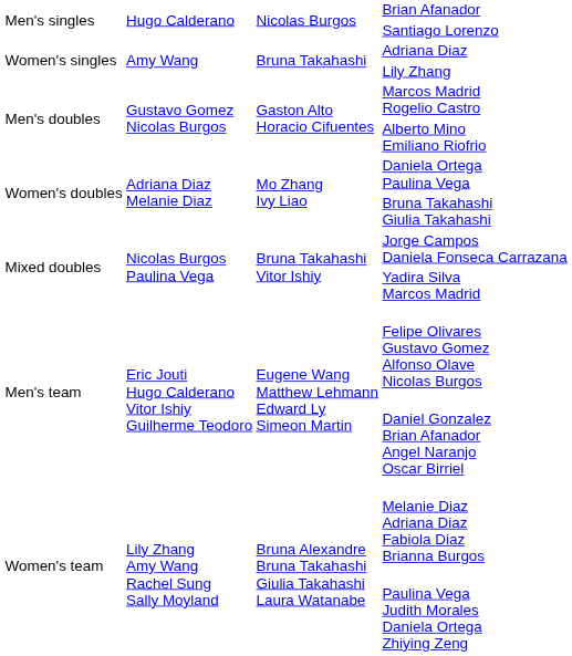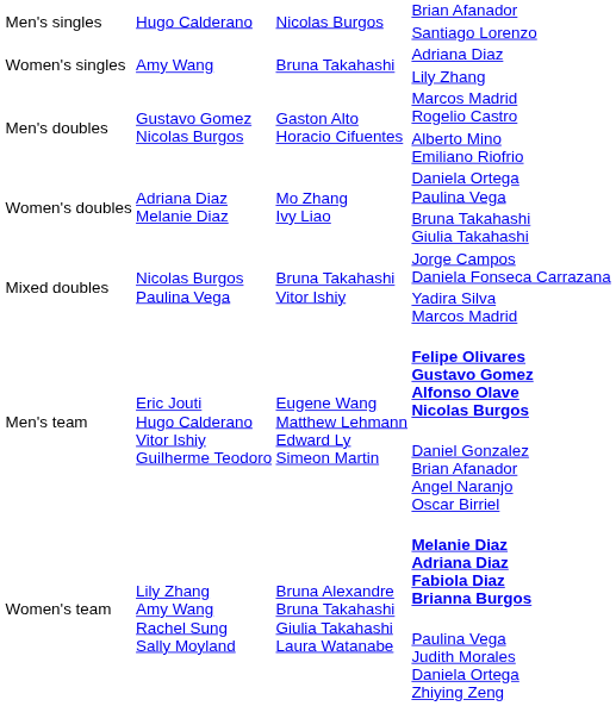 <table>
 <tr>
 <td rowspan=2>Men's singles</td>
 <td rowspan=2> <a href='#'>Hugo Calderano</a></td>
 <td rowspan=2> <a href='#'>Nicolas Burgos</a></td>
 <td> <a href='#'>Brian Afanador</a></td>
 </tr>
 <tr>
 <td> <a href='#'>Santiago Lorenzo</a></td>
 </tr>
 <tr>
 <td rowspan=2>Women's singles</td>
 <td rowspan=2> <a href='#'>Amy Wang</a></td>
 <td rowspan=2> <a href='#'>Bruna Takahashi</a></td>
 <td> <a href='#'>Adriana Diaz</a></td>
 </tr>
 <tr>
 <td> <a href='#'>Lily Zhang</a></td>
 </tr>
 <tr>
 <td rowspan=2>Men's doubles</td>
 <td rowspan=2> <a href='#'>Gustavo Gomez</a><br> <a href='#'>Nicolas Burgos</a></td>
 <td rowspan=2> <a href='#'>Gaston Alto</a><br> <a href='#'>Horacio Cifuentes</a></td>
 <td> <a href='#'>Marcos Madrid</a><br> <a href='#'>Rogelio Castro</a></td>
 </tr>
 <tr>
 <td> <a href='#'>Alberto Mino</a><br> <a href='#'>Emiliano Riofrio</a></td>
 </tr>
 <tr>
 <td rowspan=2>Women's doubles</td>
 <td rowspan=2> <a href='#'>Adriana Diaz</a><br> <a href='#'>Melanie Diaz</a></td>
 <td rowspan=2> <a href='#'>Mo Zhang</a><br> <a href='#'>Ivy Liao</a></td>
 <td> <a href='#'>Daniela Ortega</a><br> <a href='#'>Paulina Vega</a></td>
 </tr>
 <tr>
 <td> <a href='#'>Bruna Takahashi</a><br> <a href='#'>Giulia Takahashi</a></td>
 </tr>
 <tr>
 <td rowspan=2>Mixed doubles</td>
 <td rowspan=2> <a href='#'>Nicolas Burgos</a><br> <a href='#'>Paulina Vega</a></td>
 <td rowspan=2> <a href='#'>Bruna Takahashi</a><br> <a href='#'>Vitor Ishiy</a></td>
 <td> <a href='#'>Jorge Campos</a><br> <a href='#'>Daniela Fonseca Carrazana</a></td>
 </tr>
 <tr>
 <td> <a href='#'>Yadira Silva</a><br> <a href='#'>Marcos Madrid</a></td>
 </tr>
 <tr>
 <td rowspan=2>Men's team</td>
 <td rowspan=2><br><a href='#'>Eric Jouti</a><br><a href='#'>Hugo Calderano</a><br><a href='#'>Vitor Ishiy</a><br><a href='#'>Guilherme Teodoro</a></td>
 <td rowspan=2><br><a href='#'>Eugene Wang</a><br><a href='#'>Matthew Lehmann</a><br><a href='#'>Edward Ly</a><br><a href='#'>Simeon Martin</a></td>
-<td><br><a href='#'>Felipe Olivares</a><br><a href='#'>Gustavo Gomez</a><br><a href='#'>Alfonso Olave</a><br><a href='#'>Nicolas Burgos</a></td>
+<td><strong><br><a href='#'>Felipe Olivares</a><br><a href='#'>Gustavo Gomez</a><br><a href='#'>Alfonso Olave</a><br><a href='#'>Nicolas Burgos</a></strong></td>
 </tr>
 <tr>
 <td><br><a href='#'>Daniel Gonzalez</a><br><a href='#'>Brian Afanador</a><br><a href='#'>Angel Naranjo</a><br><a href='#'>Oscar Birriel</a></td>
 </tr>
 <tr>
 <td rowspan=2>Women's team</td>
 <td rowspan=2><br><a href='#'>Lily Zhang</a><br><a href='#'>Amy Wang</a><br><a href='#'>Rachel Sung</a><br><a href='#'>Sally Moyland</a></td>
 <td rowspan=2><br><a href='#'>Bruna Alexandre</a><br><a href='#'>Bruna Takahashi</a><br><a href='#'>Giulia Takahashi</a><br><a href='#'>Laura Watanabe</a></td>
-<td><br><a href='#'>Melanie Diaz</a><br><a href='#'>Adriana Diaz</a><br><a href='#'>Fabiola Diaz</a><br><a href='#'>Brianna Burgos</a></td>
+<td><strong><br><a href='#'>Melanie Diaz</a><br><a href='#'>Adriana Diaz</a><br><a href='#'>Fabiola Diaz</a><br><a href='#'>Brianna Burgos</a></strong></td>
 </tr>
 <tr>
 <td><br><a href='#'>Paulina Vega</a><br><a href='#'>Judith Morales</a><br><a href='#'>Daniela Ortega</a><br><a href='#'>Zhiying Zeng</a></td>
 </tr>
 </table>
